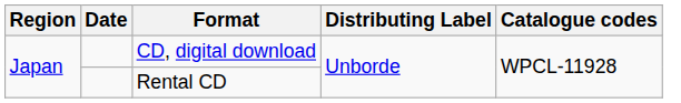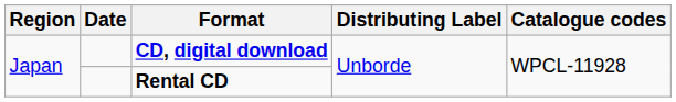 <table class="wikitable">
 <tr>
 <th>Region</th>
 <th>Date</th>
 <th>Format</th>
 <th>Distributing Label</th>
 <th>Catalogue codes</th>
 </tr>
 <tr>
 <td rowspan=2><a href='#'>Japan</a></td>
 <td></td>
-<td><a href='#'>CD</a>, <a href='#'>digital download</a></td>
+<td><strong><a href='#'>CD</a>, <a href='#'>digital download</a></strong></td>
 <td rowspan=2><a href='#'>Unborde</a></td>
 <td rowspan=2>WPCL-11928</td>
 </tr>
 <tr>
 <td></td>
-<td>Rental CD</td>
+<td><strong>Rental CD</strong></td>
 </tr>
 </table>
